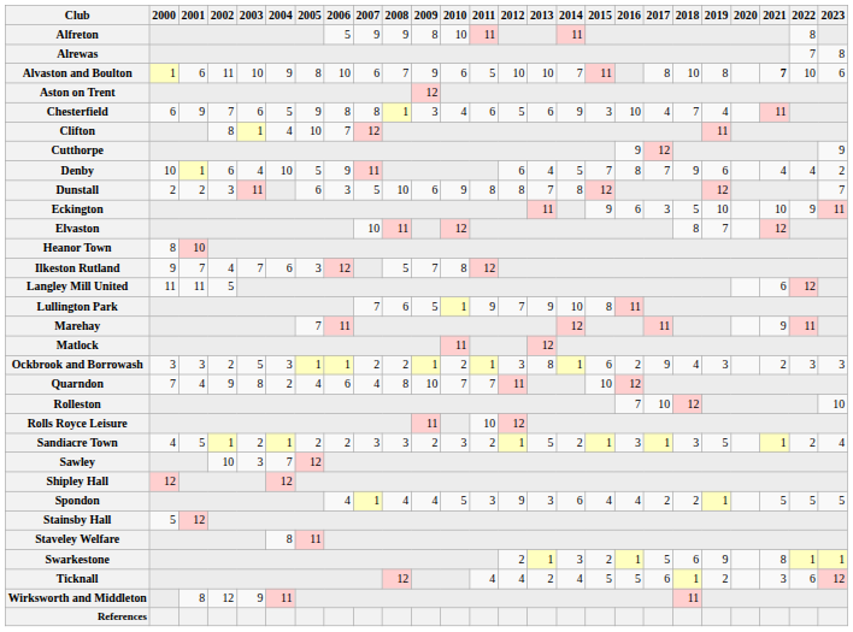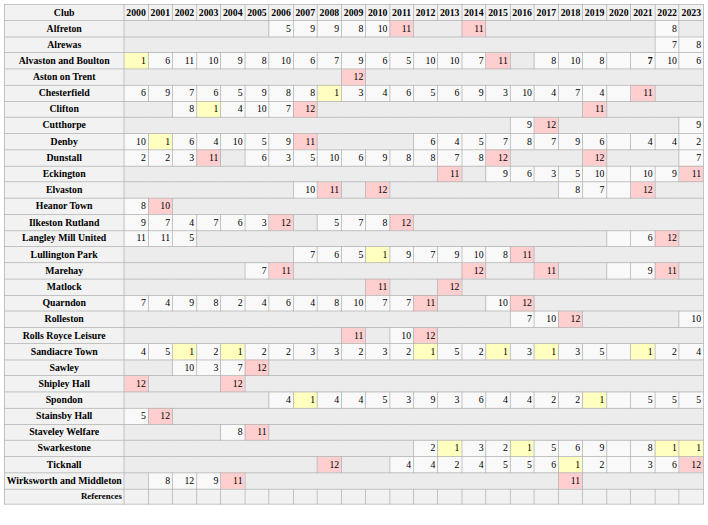 <table class="wikitable plainrowheaders" style="font-size:90%; text-align:right">
 <tr>
 <th scope="col">Club</th>
 <th scope="col">2000</th>
 <th scope="col">2001</th>
 <th scope="col">2002</th>
 <th scope="col">2003</th>
 <th scope="col">2004</th>
 <th scope="col">2005</th>
 <th scope="col">2006</th>
 <th scope="col">2007</th>
 <th scope="col">2008</th>
 <th scope="col">2009</th>
 <th scope="col">2010</th>
 <th scope="col">2011</th>
 <th scope="col">2012</th>
 <th scope="col">2013</th>
 <th scope="col">2014</th>
 <th scope="col">2015</th>
 <th scope="col">2016</th>
 <th scope="col">2017</th>
 <th scope="col">2018</th>
 <th scope="col">2019</th>
 <th scope="col">2020</th>
 <th scope="col">2021</th>
 <th scope="col">2022</th>
 <th scope="col">2023</th>
 </tr>
 <tr>
 <th scope="row">Alfreton</th>
 <td bgcolor="#ececec" colspan="6"></td>
 <td>5</td>
 <td>9</td>
 <td>9</td>
 <td>8</td>
 <td>10</td>
 <td bgcolor="#ffcfcf">11</td>
 <td bgcolor="#ececec" colspan="2"></td>
 <td bgcolor="#ffcfcf">11</td>
 <td bgcolor="#ececec" colspan="7"></td>
 <td>8</td>
 <td bgcolor="#ececec" colspan="1"></td>
 </tr>
 <tr>
 <th scope="row">Alrewas</th>
 <td bgcolor="#ececec" colspan="22"></td>
 <td>7</td>
 <td>8</td>
 </tr>
 <tr>
 <th scope="row">Alvaston and Boulton</th>
 <td bgcolor="#ffffbf">1</td>
 <td>6</td>
 <td>11</td>
 <td>10</td>
 <td>9</td>
 <td>8</td>
 <td>10</td>
 <td>6</td>
 <td>7</td>
 <td>9</td>
 <td>6</td>
 <td>5</td>
 <td>10</td>
 <td>10</td>
 <td>7</td>
 <td bgcolor="#ffcfcf">11</td>
 <td bgcolor="#ececec"></td>
 <td>8</td>
 <td>10</td>
 <td>8</td>
 <td></td>
 <td><strong>7</strong></td>
 <td>10</td>
 <td>6</td>
 </tr>
 <tr>
 <th scope="row">Aston on Trent</th>
 <td bgcolor="#ececec" colspan="9"></td>
 <td bgcolor="#ffcfcf">12</td>
 <td bgcolor="#ececec" colspan="14"></td>
 </tr>
 <tr>
 <th scope="row">Chesterfield</th>
 <td>6</td>
 <td>9</td>
 <td>7</td>
 <td>6</td>
 <td>5</td>
 <td>9</td>
 <td>8</td>
 <td>8</td>
 <td bgcolor="#ffffbf">1</td>
 <td>3</td>
 <td>4</td>
 <td>6</td>
 <td>5</td>
 <td>6</td>
 <td>9</td>
 <td>3</td>
 <td>10</td>
 <td>4</td>
 <td>7</td>
 <td>4</td>
 <td></td>
 <td bgcolor="#ffcfcf">11</td>
 <td bgcolor="#ececec" colspan="2"></td>
 </tr>
 <tr>
 <th scope="row">Clifton</th>
 <td bgcolor="#ececec" colspan="2"></td>
 <td>8</td>
 <td bgcolor="#ffffbf">1</td>
 <td>4</td>
 <td>10</td>
 <td>7</td>
 <td bgcolor="#ffcfcf">12</td>
 <td bgcolor="#ececec" colspan="11"></td>
 <td bgcolor="#ffcfcf">11</td>
 <td bgcolor="#ececec" colspan="4"></td>
 </tr>
 <tr>
 <th scope="row">Cutthorpe</th>
 <td bgcolor="#ececec" colspan="16"></td>
 <td>9</td>
 <td bgcolor="#ffcfcf">12</td>
 <td bgcolor="#ececec" colspan="5"></td>
 <td>9</td>
 </tr>
 <tr>
 <th scope="row">Denby</th>
 <td style="text-align: right;">10</td>
 <td bgcolor="#ffffbf">1</td>
 <td>6</td>
 <td>4</td>
 <td>10</td>
 <td>5</td>
 <td>9</td>
 <td bgcolor="#ffcfcf">11</td>
 <td bgcolor="#ececec" colspan="4"></td>
 <td>6</td>
 <td>4</td>
 <td>5</td>
 <td>7</td>
 <td>8</td>
 <td>7</td>
 <td>9</td>
 <td>6</td>
 <td></td>
 <td>4</td>
 <td>4</td>
 <td>2</td>
 </tr>
 <tr>
 <th scope="row">Dunstall</th>
 <td>2</td>
 <td>2</td>
 <td>3</td>
 <td bgcolor="#ffcfcf">11</td>
 <td bgcolor="#ececec"></td>
 <td>6</td>
 <td>3</td>
 <td>5</td>
 <td>10</td>
 <td>6</td>
 <td>9</td>
 <td>8</td>
 <td>8</td>
 <td>7</td>
 <td>8</td>
 <td bgcolor="#ffcfcf">12</td>
 <td bgcolor="#ececec" colspan="3"></td>
 <td bgcolor="#ffcfcf">12</td>
 <td bgcolor="#ececec" colspan="3"></td>
 <td>7</td>
 </tr>
 <tr>
 <th scope="row">Eckington</th>
 <td bgcolor="#ececec" colspan="13"></td>
 <td bgcolor="#ffcfcf">11</td>
 <td bgcolor="#ececec"></td>
 <td>9</td>
 <td>6</td>
 <td>3</td>
 <td>5</td>
 <td>10</td>
 <td></td>
 <td>10</td>
 <td>9</td>
 <td bgcolor="#ffcfcf">11</td>
 </tr>
 <tr>
 <th scope="row">Elvaston</th>
 <td bgcolor="#ececec" colspan="7"></td>
 <td>10</td>
 <td bgcolor="#ffcfcf">11</td>
 <td bgcolor="#ececec"></td>
 <td bgcolor="#ffcfcf">12</td>
 <td bgcolor="#ececec" colspan="7"></td>
 <td>8</td>
 <td>7</td>
 <td></td>
 <td bgcolor="#ffcfcf">12</td>
 <td bgcolor="#ececec" colspan="2"></td>
 </tr>
 <tr>
 <th scope="row">Heanor Town </th>
 <td>8</td>
 <td bgcolor="#ffcfcf">10</td>
 <td bgcolor="#ececec" colspan="22"></td>
 </tr>
 <tr>
 <th scope="row">Ilkeston Rutland</th>
 <td>9</td>
 <td>7</td>
 <td>4</td>
 <td>7</td>
 <td>6</td>
 <td>3</td>
 <td bgcolor="#ffcfcf">12</td>
 <td bgcolor="#ececec"></td>
 <td>5</td>
 <td>7</td>
 <td>8</td>
 <td bgcolor="#ffcfcf">12</td>
 <td bgcolor="#ececec" colspan="12"></td>
 </tr>
 <tr>
 <th scope="row">Langley Mill United</th>
 <td>11</td>
 <td>11</td>
 <td>5</td>
 <td bgcolor="#ececec" colspan="17"></td>
 <td></td>
 <td>6</td>
 <td bgcolor="#ffcfcf">12</td>
 <td bgcolor="#ececec" colspan="1"></td>
 </tr>
 <tr>
 <th scope="row">Lullington Park</th>
 <td bgcolor="#ececec" colspan="7"></td>
 <td>7</td>
 <td>6</td>
 <td>5</td>
 <td bgcolor="#ffffbf">1</td>
 <td>9</td>
 <td>7</td>
 <td>9</td>
 <td>10</td>
 <td>8</td>
 <td bgcolor="#ffcfcf">11</td>
 <td bgcolor="#ececec" colspan="7"></td>
 </tr>
 <tr>
 <th scope="row">Marehay</th>
 <td bgcolor="#ececec" colspan="5"></td>
 <td>7</td>
 <td bgcolor="#ffcfcf">11</td>
 <td bgcolor="#ececec" colspan="7"></td>
 <td bgcolor="#ffcfcf">12</td>
 <td bgcolor="#ececec" colspan="2"></td>
 <td bgcolor="#ffcfcf">11</td>
 <td bgcolor="#ececec" colspan="2"></td>
 <td></td>
 <td>9</td>
 <td bgcolor="#ffcfcf">11</td>
 <td bgcolor="#ececec" colspan="1"></td>
 </tr>
 <tr>
 <th scope="row">Matlock</th>
 <td bgcolor="#ececec" colspan="10"></td>
 <td bgcolor="#ffcfcf">11</td>
 <td bgcolor="#ececec" colspan="2"></td>
 <td bgcolor="#ffcfcf">12</td>
 <td bgcolor="#ececec" colspan="10"></td>
 </tr>
 <tr>
-<th scope="row">Ockbrook and Borrowash</th>
-<td>3</td>
-<td>3</td>
-<td>2</td>
-<td>5</td>
-<td>3</td>
-<td bgcolor="#ffffbf">1</td>
-<td bgcolor="#ffffbf">1</td>
-<td>2</td>
-<td>2</td>
-<td bgcolor="#ffffbf">1</td>
-<td>2</td>
-<td bgcolor="#ffffbf">1</td>
-<td>3</td>
-<td>8</td>
-<td bgcolor="#ffffbf">1</td>
-<td>6</td>
-<td>2</td>
-<td>9</td>
-<td>4</td>
-<td>3</td>
-<td></td>
-<td>2</td>
-<td>3</td>
-<td>3</td>
-</tr>
-<tr>
 <th scope="row">Quarndon</th>
 <td>7</td>
 <td>4</td>
 <td>9</td>
 <td>8</td>
 <td>2</td>
 <td>4</td>
 <td>6</td>
 <td>4</td>
 <td>8</td>
 <td>10</td>
 <td>7</td>
 <td>7</td>
 <td bgcolor="#ffcfcf">11</td>
 <td bgcolor="#ececec" colspan="2"></td>
 <td>10</td>
 <td bgcolor="#ffcfcf">12</td>
 <td bgcolor="#ececec" colspan="7"></td>
 </tr>
 <tr>
 <th scope="row">Rolleston</th>
 <td bgcolor="#ececec" colspan="16"></td>
 <td>7</td>
 <td>10</td>
 <td bgcolor="#ffcfcf">12</td>
 <td bgcolor="#ececec" colspan="4"></td>
 <td>10</td>
 </tr>
 <tr>
 <th scope="row">Rolls Royce Leisure</th>
 <td bgcolor="#ececec" colspan="9"></td>
 <td bgcolor="#ffcfcf">11</td>
 <td bgcolor="#ececec"></td>
 <td>10</td>
 <td bgcolor="#ffcfcf">12</td>
 <td bgcolor="#ececec" colspan="11"></td>
 </tr>
 <tr>
 <th scope="row">Sandiacre Town</th>
 <td>4</td>
 <td>5</td>
 <td bgcolor="#ffffbf">1</td>
 <td>2</td>
 <td bgcolor="#ffffbf">1</td>
 <td>2</td>
 <td>2</td>
 <td>3</td>
 <td>3</td>
 <td>2</td>
 <td>3</td>
 <td>2</td>
 <td bgcolor="#ffffbf">1</td>
 <td>5</td>
 <td>2</td>
 <td bgcolor="#ffffbf">1</td>
 <td>3</td>
 <td bgcolor="#ffffbf">1</td>
 <td>3</td>
 <td>5</td>
 <td></td>
 <td bgcolor="#ffffbf">1</td>
 <td>2</td>
 <td>4</td>
 </tr>
 <tr>
 <th scope="row">Sawley </th>
 <td bgcolor="#ececec" colspan="2"></td>
 <td>10</td>
 <td>3</td>
 <td>7</td>
 <td bgcolor="#ffcfcf">12</td>
 <td bgcolor="#ececec" colspan="18"></td>
 </tr>
 <tr>
 <th scope="row">Shipley Hall</th>
 <td bgcolor="#ffcfcf">12</td>
 <td bgcolor="#ececec" colspan="3"></td>
 <td bgcolor="#ffcfcf">12</td>
 <td bgcolor="#ececec" colspan="19"></td>
 </tr>
 <tr>
 <th scope="row">Spondon</th>
 <td bgcolor="#ececec" colspan="6"></td>
 <td>4</td>
 <td bgcolor="#ffffbf">1</td>
 <td>4</td>
 <td>4</td>
 <td>5</td>
 <td>3</td>
 <td>9</td>
 <td>3</td>
 <td>6</td>
 <td>4</td>
 <td>4</td>
 <td>2</td>
 <td>2</td>
 <td bgcolor="#ffffbf">1</td>
 <td></td>
 <td>5</td>
 <td>5</td>
 <td>5</td>
 </tr>
 <tr>
 <th scope="row">Stainsby Hall</th>
 <td>5</td>
 <td bgcolor="#ffcfcf">12</td>
 <td bgcolor="#ececec" colspan="22"></td>
 </tr>
 <tr>
 <th scope="row">Staveley Welfare</th>
 <td bgcolor="#ececec" colspan="4"></td>
 <td>8</td>
 <td bgcolor="#ffcfcf">11</td>
 <td bgcolor="#ececec" colspan="18"></td>
 </tr>
 <tr>
 <th scope="row">Swarkestone</th>
 <td bgcolor="#ececec" colspan="12"></td>
 <td>2</td>
 <td bgcolor="#ffffbf">1</td>
 <td>3</td>
 <td>2</td>
 <td bgcolor="#ffffbf">1</td>
 <td>5</td>
 <td>6</td>
 <td>9</td>
 <td></td>
 <td>8</td>
 <td bgcolor="#ffffbf">1</td>
 <td bgcolor="#ffffbf">1</td>
 </tr>
 <tr>
 <th scope="row">Ticknall</th>
 <td bgcolor="#ececec" colspan="8"></td>
 <td bgcolor="#ffcfcf">12</td>
 <td bgcolor="#ececec" colspan="2"></td>
 <td>4</td>
 <td>4</td>
 <td>2</td>
 <td>4</td>
 <td>5</td>
 <td>5</td>
 <td>6</td>
 <td bgcolor="#ffffbf">1</td>
 <td>2</td>
 <td></td>
 <td>3</td>
 <td>6</td>
 <td bgcolor="#ffcfcf">12</td>
 </tr>
 <tr>
 <th scope="row">Wirksworth and Middleton</th>
 <td bgcolor="#ececec"></td>
 <td>8</td>
 <td>12</td>
 <td>9</td>
 <td bgcolor="#ffcfcf">11</td>
 <td bgcolor="#ececec" colspan="13"></td>
 <td bgcolor="#ffcfcf">11</td>
 <td bgcolor="#ececec" colspan="5"></td>
 </tr>
 <tr style="font-size:90%; text-align:center">
 <th scope="row" style="text-align: right">References</th>
 <th scope="col"></th>
 <th scope="col"></th>
 <th scope="col"></th>
 <th scope="col"></th>
 <th scope="col"></th>
 <th scope="col"></th>
 <th scope="col"></th>
 <th scope="col"></th>
 <th scope="col"></th>
 <th scope="col"></th>
 <th scope="col"></th>
 <th scope="col"></th>
 <th scope="col"></th>
 <th scope="col"></th>
 <th scope="col"></th>
 <th scope="col"></th>
 <th scope="col"></th>
 <th scope="col"></th>
 <th scope="col"></th>
 <th scope="col"></th>
 <th scope="col"></th>
 <th scope="col"></th>
 <th scope="col"></th>
 <th scope="col"></th>
 </tr>
 </table>
